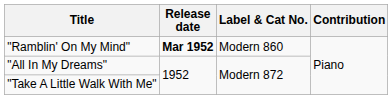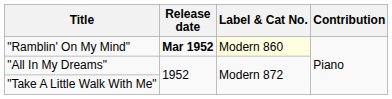 <table class="wikitable">
 <tr>
 <th>Title</th>
 <th>Release<br>date</th>
 <th>Label & Cat No.</th>
 <th>Contribution</th>
 </tr>
 <tr>
 <td>"Ramblin' On My Mind"</td>
 <td><strong>Mar 1952</strong></td>
-<td>Modern 860</td>
+<td style="background: lightyellow;">Modern 860</td>
 <td rowspan="3">Piano</td>
 </tr>
 <tr>
 <td>"All In My Dreams"</td>
 <td rowspan="2">1952</td>
 <td rowspan="2">Modern 872</td>
 </tr>
 <tr>
 <td>"Take A Little Walk With Me"</td>
 </tr>
 </table>
